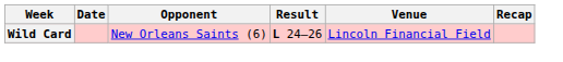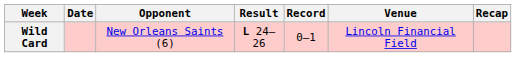 <table class="wikitable" style="text-align:center">
 <tr>
 <th>Week</th>
 <th>Date</th>
 <th>Opponent</th>
 <th>Result</th>
+<th>Record</th>
 <th>Venue</th>
 <th>Recap</th>
 </tr>
 <tr style="background:#fcc">
 <th>Wild Card</th>
 <td></td>
 <td><a href='#'>New Orleans Saints</a> (6)</td>
 <td><strong>L</strong> 24–26</td>
+<td>0–1</td>
 <td><a href='#'>Lincoln Financial Field</a></td>
 <td></td>
 </tr>
 </table>
